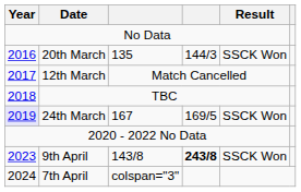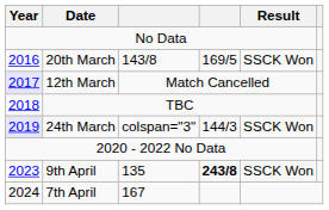 <table class="wikitable">
 <tr>
 <th style="text-align: middle;">Year</th>
 <th style="text-align: middle;">Date</th>
 <th style="text-align: middle;"></th>
 <th style="text-align: middle;"></th>
 <th style="text-align: middle;">Result</th>
 <th style="text-align: middle;"></th>
 </tr>
 <tr>
 <td colspan="5" style="text-align: center;">No Data</td>
 <td></td>
 </tr>
 <tr>
 <td><a href='#'>2016</a></td>
 <td>20th March</td>
-<td>135</td>
-<td>144/3</td>
+<td>143/8</td>
+<td>169/5</td>
 <td>SSCK Won</td>
 <td></td>
 </tr>
 <tr>
-<td><a href='#'>2017</a></td>
+<td style="background: lavender;"><a href='#'>2017</a></td>
 <td>12th March</td>
 <td colspan="3" style="text-align: center;">Match Cancelled</td>
 <td></td>
 </tr>
 <tr>
 <td><a href='#'>2018</a></td>
 <td colspan="4" style="text-align: center;">TBC</td>
 <td></td>
 </tr>
 <tr>
 <td style="background: lavender;"><a href='#'>2019</a></td>
 <td>24th March</td>
-<td>167</td>
-<td>169/5</td>
+<td>colspan="3" </td>
+<td>144/3</td>
 <td>SSCK Won</td>
 <td></td>
 </tr>
 <tr>
 <td colspan="5"  style="text-align: center;">2020 - 2022 No Data</td>
 <td></td>
 </tr>
 <tr>
 <td><a href='#'>2023</a></td>
 <td>9th April</td>
-<td>143/8</td>
+<td>135</td>
 <td><strong>243/8</strong></td>
 <td>SSCK Won</td>
 <td></td>
 </tr>
 <tr>
 <td>2024</td>
 <td>7th April</td>
-<td>colspan="3" </td>
+<td>167</td>
 <td></td>
 </tr>
 </table>
